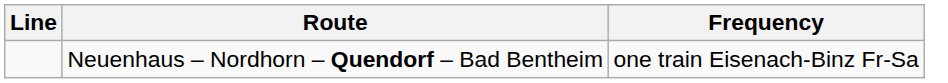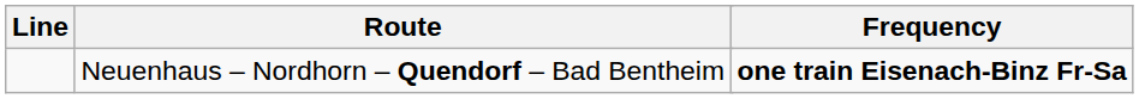 <table class="wikitable">
 <tr>
 <th>Line</th>
 <th colspan="2">Route</th>
 <th>Frequency</th>
 </tr>
 <tr>
 <td></td>
 <td colspan="2">Neuenhaus – Nordhorn – <strong>Quendorf</strong> – Bad Bentheim</td>
-<td>one train Eisenach-Binz Fr-Sa</td>
+<td><strong>one train Eisenach-Binz Fr-Sa</strong></td>
 </tr>
 </table>
